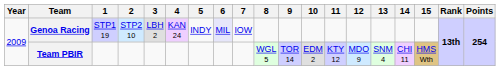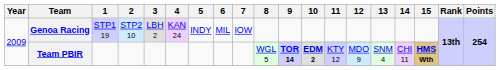 <table class="wikitable" style="text-align:center; font-size:85%">
 <tr>
 <th>Year</th>
 <th>Team</th>
 <th>1</th>
 <th>2</th>
 <th>3</th>
 <th>4</th>
 <th>5</th>
 <th>6</th>
 <th>7</th>
 <th>8</th>
 <th>9</th>
 <th>10</th>
 <th>11</th>
 <th>12</th>
 <th>13</th>
 <th>14</th>
 <th>15</th>
 <th>Rank</th>
 <th>Points</th>
 </tr>
 <tr>
 <td rowspan="2"><a href='#'>2009</a></td>
 <th nowrap><a href='#'>Genoa Racing</a></th>
 <td style="background:#CFCFFF;"><a href='#'>STP1</a><br><small>19</small></td>
 <td style="background:#CFEAFF;"><a href='#'>STP2</a><br><small>10</small></td>
 <td style="background:#DFDFDF;"><a href='#'>LBH</a><br><small>2</small></td>
 <td style="background:#EFCFFF;"><a href='#'>KAN</a><br><small>24</small></td>
 <td><a href='#'>INDY</a></td>
-<td style="background: lavender;"><a href='#'>MIL</a></td>
+<td><a href='#'>MIL</a></td>
 <td><a href='#'>IOW</a></td>
 <td></td>
 <td></td>
 <td></td>
 <td></td>
 <td></td>
 <td></td>
 <td></td>
 <td></td>
 <td rowspan="2" style="background:#CFCFFF;"><strong>13th</strong></td>
 <td rowspan="2" style="background:#CFCFFF;"><strong>254</strong></td>
 </tr>
 <tr>
 <th nowrap><a href='#'>Team PBIR</a></th>
 <td></td>
 <td></td>
 <td></td>
 <td></td>
 <td></td>
 <td></td>
 <td></td>
 <td style="background:#DFFFDF;"><a href='#'>WGL</a><br><small>5</small></td>
-<td style="background:#CFCFFF;"><a href='#'>TOR</a><br><small>14</small></td>
-<td style="background:#DFDFDF;"><a href='#'>EDM</a><br><small>2</small></td>
+<td style="background:#CFCFFF;"><strong><a href='#'>TOR</a><br><small>14</small></strong></td>
+<td style="background:#DFDFDF;"><strong><a href='#'>EDM</a><br><small>2</small></strong></td>
 <td style="background:#CFCFFF;"><a href='#'>KTY</a><br><small>12</small></td>
 <td style="background:#CFEAFF;"><a href='#'>MDO</a><br><small>9</small></td>
 <td style="background:#DFFFDF;"><a href='#'>SNM</a><br><small>4</small></td>
 <td style="background:#EFCFFF;"><a href='#'>CHI</a><br><small>11</small></td>
-<td style="background:#DFC484;"><a href='#'>HMS</a><br><small>Wth</small></td>
+<td style="background:#DFC484;"><strong><a href='#'>HMS</a><br><small>Wth</small></strong></td>
 </tr>
 </table>
